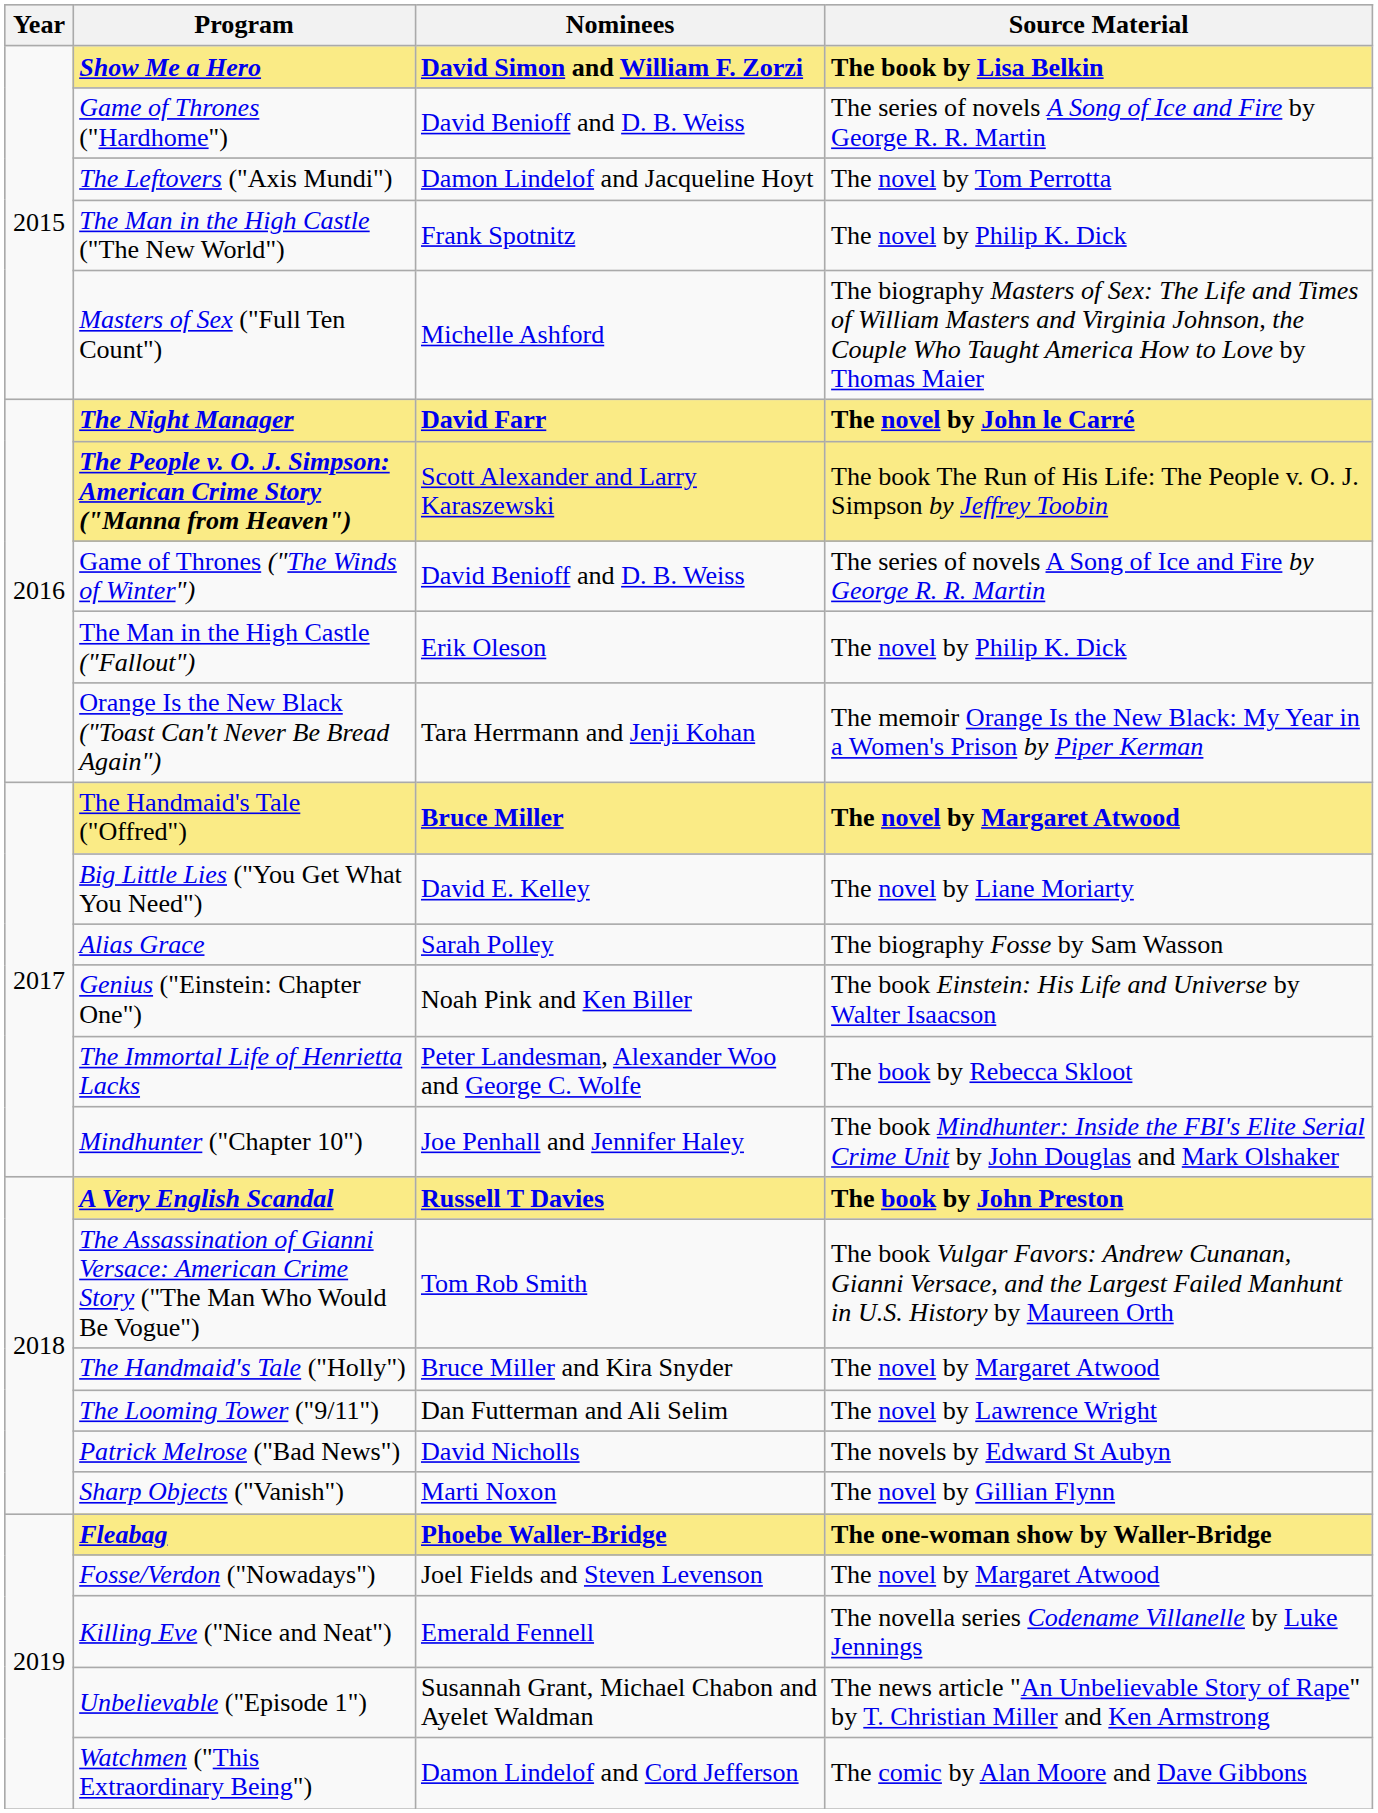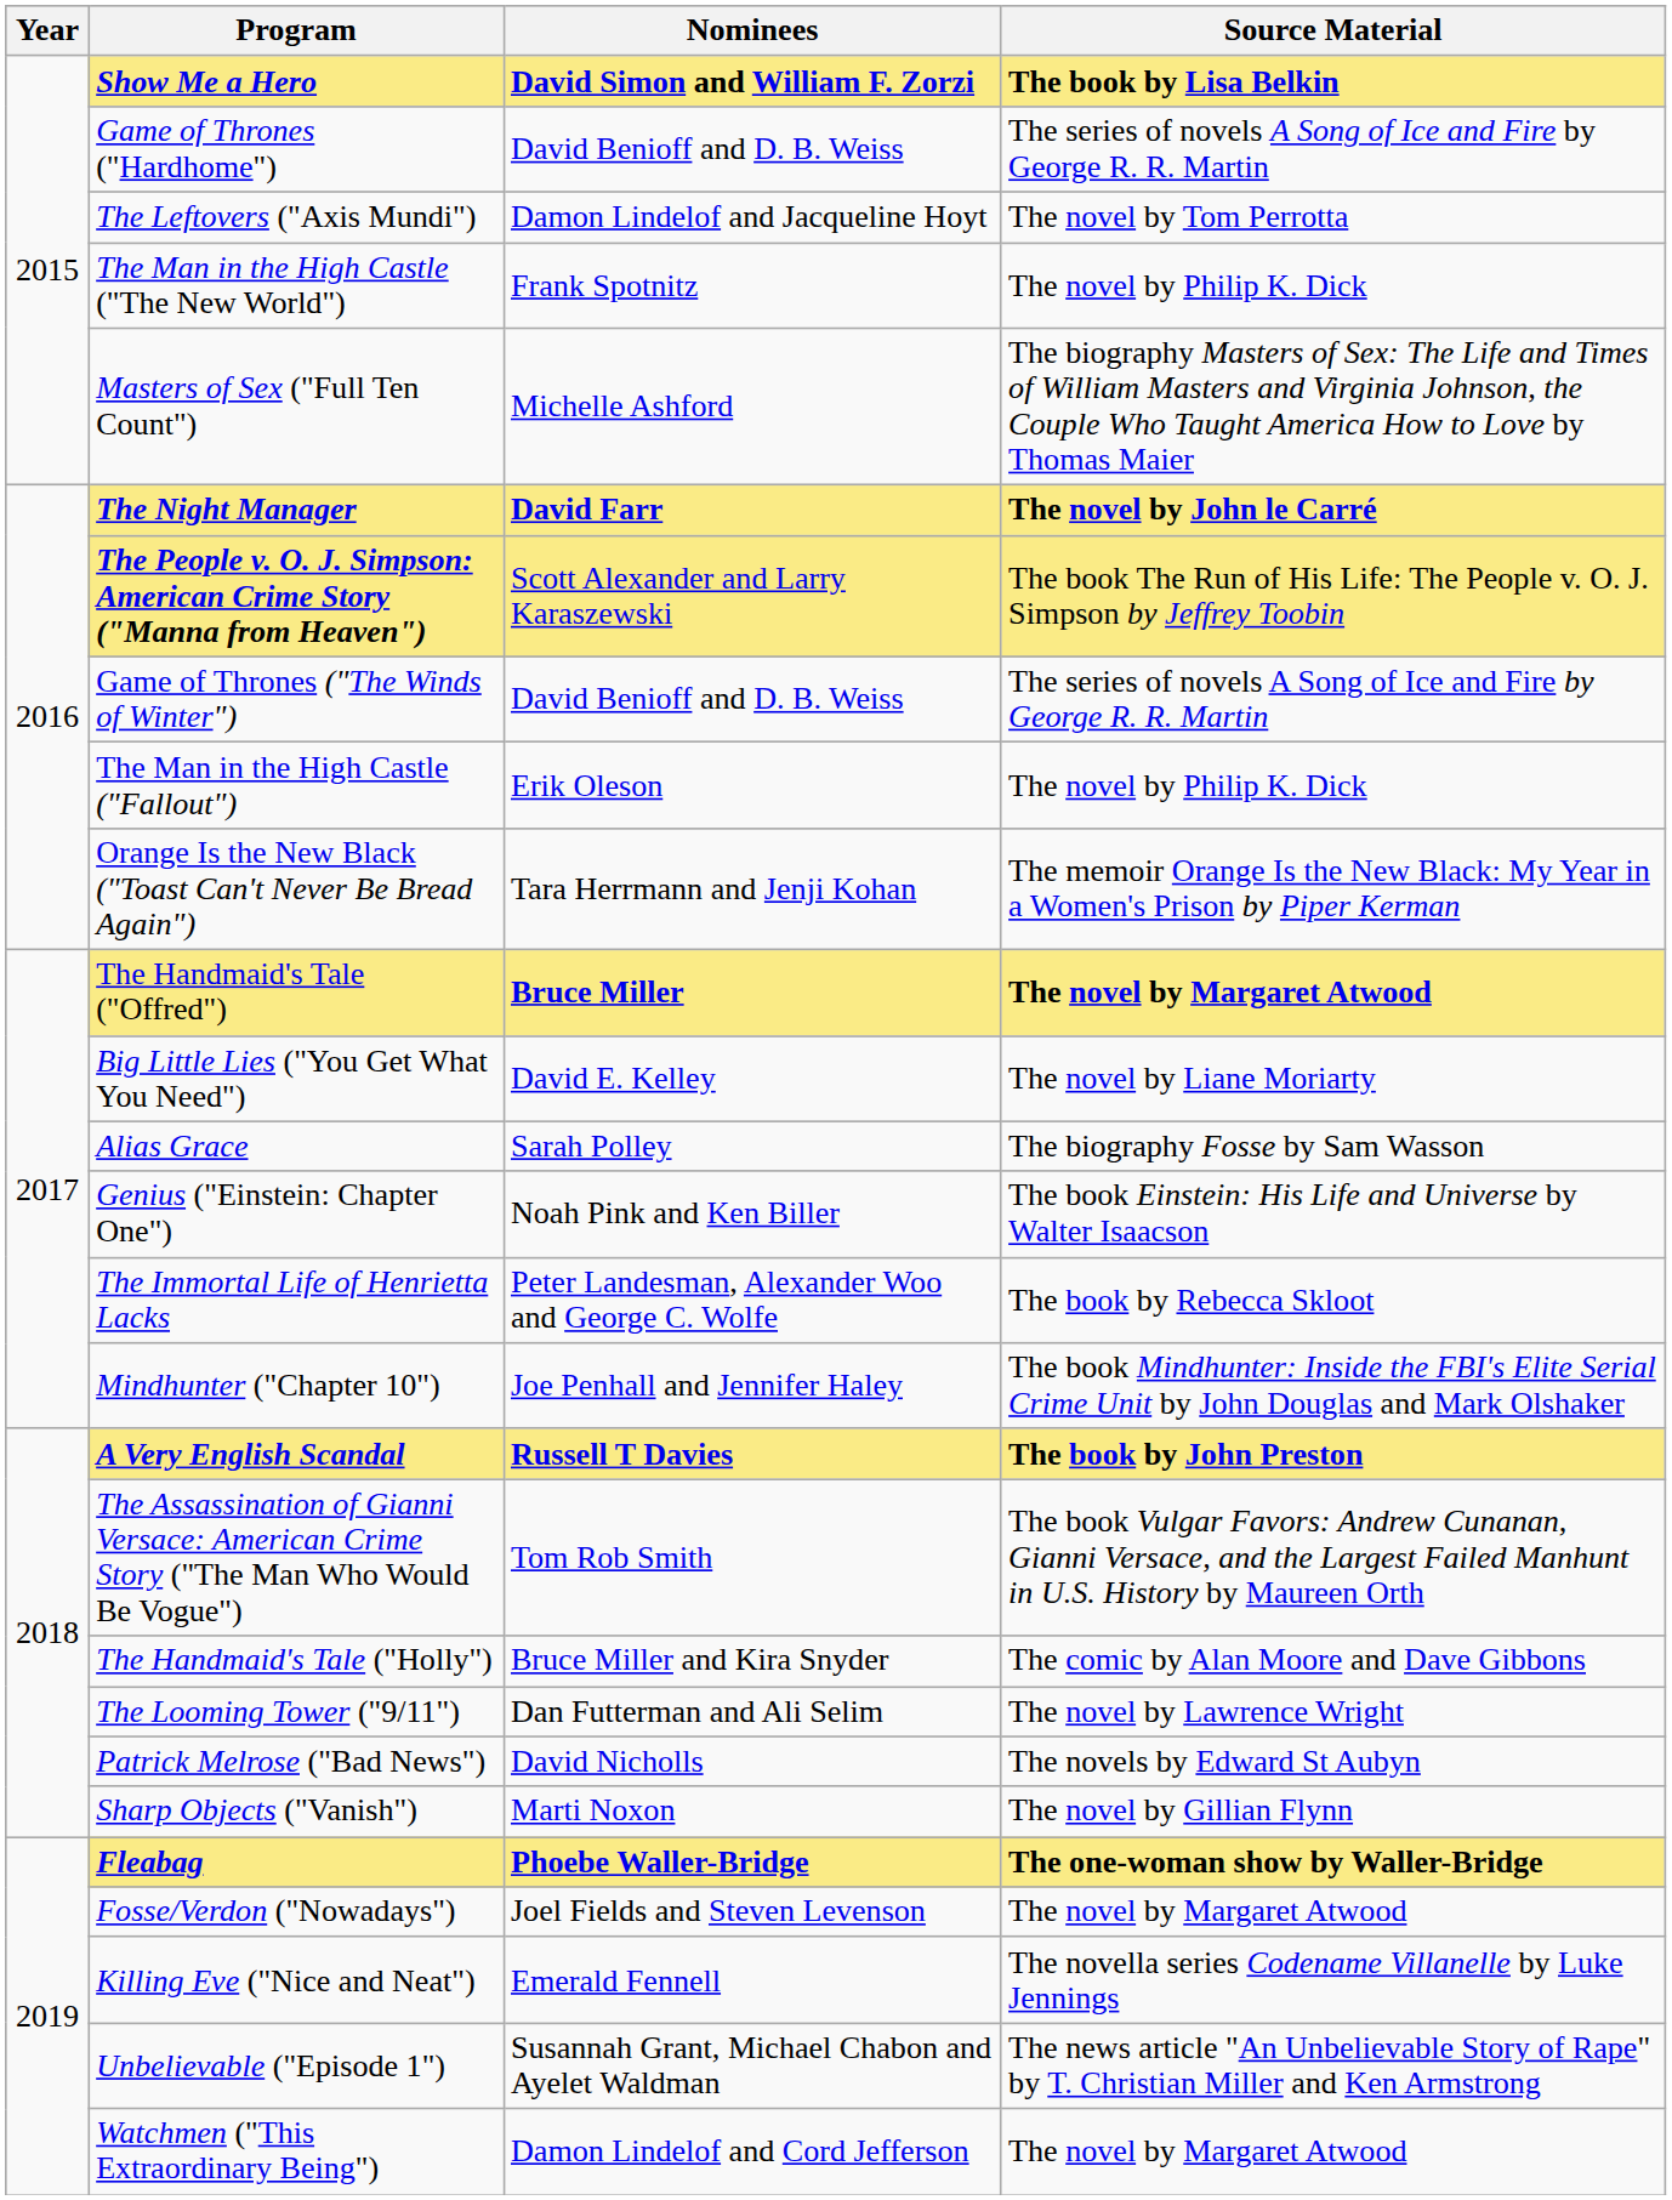 <table class="wikitable" width="95%" cellpadding="5">
 <tr>
 <th width="5%">Year</th>
 <th width="25%">Program</th>
 <th width="30%">Nominees</th>
 <th width="40%">Source Material</th>
 </tr>
 <tr>
 <td rowspan="5" style="text-align:center;">2015</td>
 <td style="background:#FAEB86;"><strong><em><a href='#'>Show Me a Hero</a></em></strong></td>
 <td style="background:#FAEB86;"><strong><a href='#'>David Simon</a> and <a href='#'>William F. Zorzi</a></strong></td>
 <td style="background:#FAEB86;"><strong>The book by <a href='#'>Lisa Belkin</a></strong></td>
 </tr>
 <tr>
 <td><em><a href='#'>Game of Thrones</a></em> ("<a href='#'>Hardhome</a>")</td>
 <td><a href='#'>David Benioff</a> and <a href='#'>D. B. Weiss</a></td>
 <td>The series of novels <em><a href='#'>A Song of Ice and Fire</a></em> by <a href='#'>George R. R. Martin</a></td>
 </tr>
 <tr>
 <td><em><a href='#'>The Leftovers</a></em> ("Axis Mundi")</td>
 <td><a href='#'>Damon Lindelof</a> and Jacqueline Hoyt</td>
 <td>The <a href='#'>novel</a> by <a href='#'>Tom Perrotta</a></td>
 </tr>
 <tr>
 <td><em><a href='#'>The Man in the High Castle</a></em> ("The New World")</td>
 <td><a href='#'>Frank Spotnitz</a></td>
 <td>The <a href='#'>novel</a> by <a href='#'>Philip K. Dick</a></td>
 </tr>
 <tr>
 <td><em><a href='#'>Masters of Sex</a></em> ("Full Ten Count")</td>
 <td><a href='#'>Michelle Ashford</a></td>
 <td>The biography <em>Masters of Sex: The Life and Times of William Masters and Virginia Johnson, the Couple Who Taught America How to Love</em> by <a href='#'>Thomas Maier</a></td>
 </tr>
 <tr>
 <td rowspan="5" style="text-align:center;">2016</td>
 <td style="background:#FAEB86;"><strong><em><a href='#'>The Night Manager</a></em></strong></td>
 <td style="background:#FAEB86;"><strong><a href='#'>David Farr</a></strong></td>
 <td style="background:#FAEB86;"><strong>The <a href='#'>novel</a> by <a href='#'>John le Carré</a></strong></td>
 </tr>
 <tr>
 <td style="background:#FAEB86;"><strong><em><a href='#'>The People v. O. J. Simpson: American Crime Story</a><em> ("Manna from Heaven")<strong></td>
 <td style="background:#FAEB86;"></strong><a href='#'>Scott Alexander and Larry Karaszewski</a><strong></td>
 <td style="background:#FAEB86;"></strong>The book </em>The Run of His Life: The People v. O. J. Simpson<em> by <a href='#'>Jeffrey Toobin</a><strong></td>
 </tr>
 <tr>
 <td></em><a href='#'>Game of Thrones</a><em> ("<a href='#'>The Winds of Winter</a>")</td>
 <td><a href='#'>David Benioff</a> and <a href='#'>D. B. Weiss</a></td>
 <td>The series of novels </em><a href='#'>A Song of Ice and Fire</a><em> by <a href='#'>George R. R. Martin</a></td>
 </tr>
 <tr>
 <td></em><a href='#'>The Man in the High Castle</a><em> ("Fallout")</td>
 <td><a href='#'>Erik Oleson</a></td>
 <td>The <a href='#'>novel</a> by <a href='#'>Philip K. Dick</a></td>
 </tr>
 <tr>
 <td></em><a href='#'>Orange Is the New Black</a><em> ("Toast Can't Never Be Bread Again")</td>
 <td>Tara Herrmann and <a href='#'>Jenji Kohan</a></td>
 <td>The memoir </em><a href='#'>Orange Is the New Black: My Year in a Women's Prison</a><em> by <a href='#'>Piper Kerman</a></td>
 </tr>
 <tr>
 <td rowspan="6" style="text-align:center;">2017</td>
 <td style="background:#FAEB86;"></em></strong><a href='#'>The Handmaid's Tale</a></em> ("Offred")</strong></td>
 <td style="background:#FAEB86;"><strong><a href='#'>Bruce Miller</a></strong></td>
 <td style="background:#FAEB86;"><strong>The <a href='#'>novel</a> by <a href='#'>Margaret Atwood</a></strong></td>
 </tr>
 <tr>
 <td><em><a href='#'>Big Little Lies</a></em> ("You Get What You Need")</td>
 <td><a href='#'>David E. Kelley</a></td>
 <td>The <a href='#'>novel</a> by <a href='#'>Liane Moriarty</a></td>
 </tr>
 <tr>
 <td><em><a href='#'>Alias Grace</a></em></td>
 <td><a href='#'>Sarah Polley</a></td>
 <td>The biography <em>Fosse</em> by Sam Wasson</td>
 </tr>
 <tr>
 <td><em><a href='#'>Genius</a></em> ("Einstein: Chapter One")</td>
 <td>Noah Pink and <a href='#'>Ken Biller</a></td>
 <td>The book <em>Einstein: His Life and Universe</em> by <a href='#'>Walter Isaacson</a></td>
 </tr>
 <tr>
 <td><em><a href='#'>The Immortal Life of Henrietta Lacks</a></em></td>
 <td><a href='#'>Peter Landesman</a>, <a href='#'>Alexander Woo</a> and <a href='#'>George C. Wolfe</a></td>
 <td>The <a href='#'>book</a> by <a href='#'>Rebecca Skloot</a></td>
 </tr>
 <tr>
 <td><em><a href='#'>Mindhunter</a></em> ("Chapter 10")</td>
 <td><a href='#'>Joe Penhall</a> and <a href='#'>Jennifer Haley</a></td>
 <td>The book <em><a href='#'>Mindhunter: Inside the FBI's Elite Serial Crime Unit</a></em> by <a href='#'>John Douglas</a> and <a href='#'>Mark Olshaker</a></td>
 </tr>
 <tr>
 <td rowspan="6" style="text-align:center;">2018</td>
 <td style="background:#FAEB86;"><strong><em><a href='#'>A Very English Scandal</a></em></strong></td>
 <td style="background:#FAEB86;"><strong><a href='#'>Russell T Davies</a></strong></td>
 <td style="background:#FAEB86;"><strong>The <a href='#'>book</a> by <a href='#'>John Preston</a></strong></td>
 </tr>
 <tr>
 <td><em><a href='#'>The Assassination of Gianni Versace: American Crime Story</a></em> ("The Man Who Would Be Vogue")</td>
 <td><a href='#'>Tom Rob Smith</a></td>
 <td>The book <em>Vulgar Favors: Andrew Cunanan, Gianni Versace, and the Largest Failed Manhunt in U.S. History</em> by <a href='#'>Maureen Orth</a></td>
 </tr>
 <tr>
 <td><em><a href='#'>The Handmaid's Tale</a></em> ("Holly")</td>
 <td><a href='#'>Bruce Miller</a> and Kira Snyder</td>
-<td>The <a href='#'>novel</a> by <a href='#'>Margaret Atwood</a></td>
+<td>The <a href='#'>comic</a> by <a href='#'>Alan Moore</a> and <a href='#'>Dave Gibbons</a></td>
 </tr>
 <tr>
 <td><em><a href='#'>The Looming Tower</a></em> ("9/11")</td>
 <td>Dan Futterman and Ali Selim</td>
 <td>The <a href='#'>novel</a> by <a href='#'>Lawrence Wright</a></td>
 </tr>
 <tr>
 <td><em><a href='#'>Patrick Melrose</a></em> ("Bad News")</td>
 <td><a href='#'>David Nicholls</a></td>
 <td>The novels by <a href='#'>Edward St Aubyn</a></td>
 </tr>
 <tr>
 <td><em><a href='#'>Sharp Objects</a></em> ("Vanish")</td>
 <td><a href='#'>Marti Noxon</a></td>
 <td>The <a href='#'>novel</a> by <a href='#'>Gillian Flynn</a></td>
 </tr>
 <tr>
 <td rowspan="5" style="text-align:center;">2019</td>
 <td style="background:#FAEB86;"><strong><em><a href='#'>Fleabag</a></em></strong></td>
 <td style="background:#FAEB86;"><strong><a href='#'>Phoebe Waller-Bridge</a></strong></td>
 <td style="background:#FAEB86;"><strong>The one-woman show by Waller-Bridge</strong></td>
 </tr>
 <tr>
 <td><em><a href='#'>Fosse/Verdon</a></em> ("Nowadays")</td>
 <td>Joel Fields and <a href='#'>Steven Levenson</a></td>
 <td>The <a href='#'>novel</a> by <a href='#'>Margaret Atwood</a></td>
 </tr>
 <tr>
 <td><em><a href='#'>Killing Eve</a></em> ("Nice and Neat")</td>
 <td><a href='#'>Emerald Fennell</a></td>
 <td>The novella series <em><a href='#'>Codename Villanelle</a></em> by <a href='#'>Luke Jennings</a></td>
 </tr>
 <tr>
 <td><em><a href='#'>Unbelievable</a></em> ("Episode 1")</td>
 <td>Susannah Grant, Michael Chabon and Ayelet Waldman</td>
 <td>The news article "<a href='#'>An Unbelievable Story of Rape</a>" by <a href='#'>T. Christian Miller</a> and <a href='#'>Ken Armstrong</a></td>
 </tr>
 <tr>
 <td><em><a href='#'>Watchmen</a></em> ("<a href='#'>This Extraordinary Being</a>")</td>
 <td><a href='#'>Damon Lindelof</a> and <a href='#'>Cord Jefferson</a></td>
-<td>The <a href='#'>comic</a> by <a href='#'>Alan Moore</a> and <a href='#'>Dave Gibbons</a></td>
+<td>The <a href='#'>novel</a> by <a href='#'>Margaret Atwood</a></td>
 </tr>
 </table>
